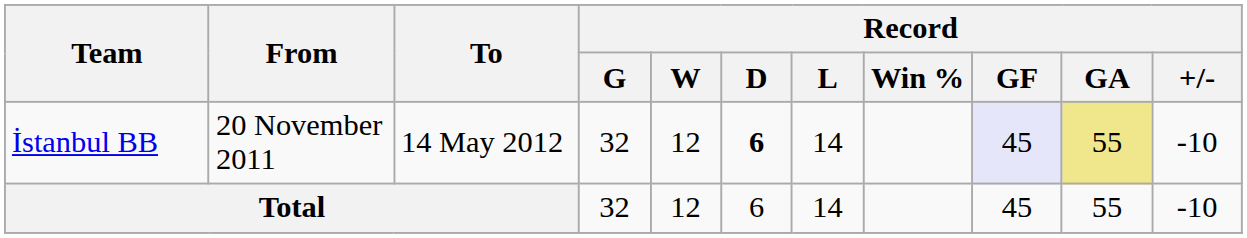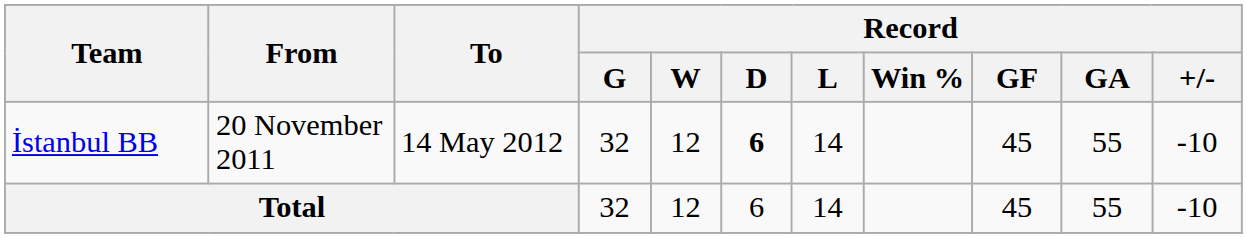 <table class="wikitable" style="text-align: center">
 <tr>
 <th rowspan=2! width=100>Team</th>
 <th rowspan=2! width=90>From</th>
 <th rowspan=2! width=90>To</th>
 <th colspan=8>Record</th>
 </tr>
 <tr>
 <th width=30>G</th>
 <th width=30>W</th>
 <th width=30>D</th>
 <th width=30>L</th>
 <th width=50>Win %</th>
 <th width=40>GF</th>
 <th width=40>GA</th>
 <th width=40>+/-</th>
 </tr>
 <tr>
 <td align=left><a href='#'>İstanbul BB</a></td>
 <td align=left>20 November 2011</td>
 <td align=left>14 May 2012</td>
 <td>32</td>
 <td>12</td>
 <td><strong>6</strong></td>
 <td>14</td>
 <td></td>
-<td style="background: lavender;">45</td>
-<td style="background: khaki;">55</td>
+<td>45</td>
+<td>55</td>
 <td>-10</td>
 </tr>
 <tr>
 <th colspan=3 style="text-align:center; vertical-align:middle;">Total</th>
 <td>32</td>
 <td>12</td>
 <td>6</td>
 <td>14</td>
 <td></td>
 <td>45</td>
 <td>55</td>
 <td>-10</td>
 </tr>
 </table>
